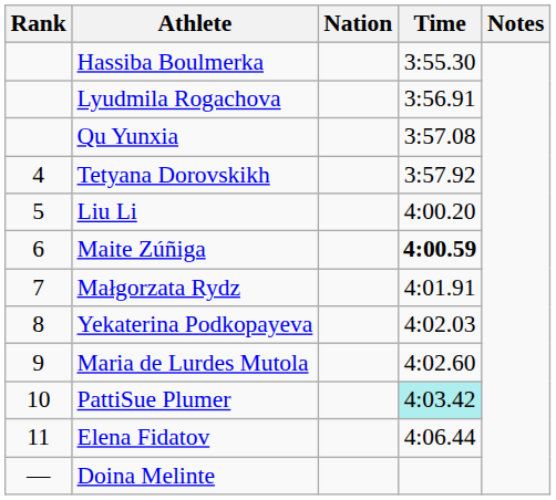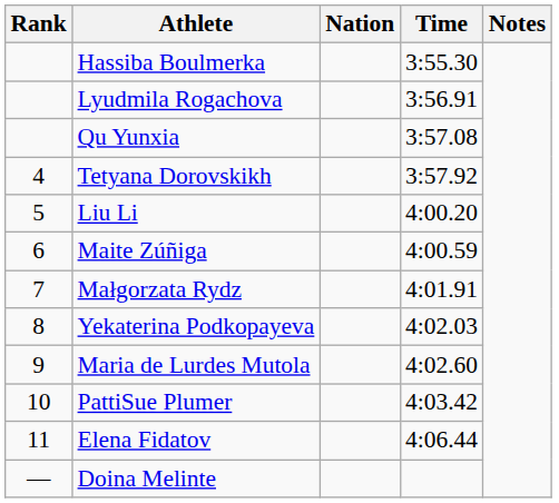 <table class="wikitable sortable" style="text-align:center">
 <tr>
 <th>Rank</th>
 <th>Athlete</th>
 <th>Nation</th>
 <th>Time</th>
 <th>Notes</th>
 </tr>
 <tr>
 <td></td>
 <td align=left><a href='#'>Hassiba Boulmerka</a></td>
 <td align=left></td>
 <td>3:55.30</td>
 </tr>
 <tr>
 <td></td>
 <td align=left><a href='#'>Lyudmila Rogachova</a></td>
 <td align=left></td>
 <td>3:56.91</td>
 </tr>
 <tr>
 <td></td>
 <td align=left><a href='#'>Qu Yunxia</a></td>
 <td align=left></td>
 <td>3:57.08</td>
 </tr>
 <tr>
 <td>4</td>
 <td align=left><a href='#'>Tetyana Dorovskikh</a></td>
 <td align=left></td>
 <td>3:57.92</td>
 </tr>
 <tr>
 <td>5</td>
 <td align=left><a href='#'>Liu Li</a></td>
 <td align=left></td>
 <td>4:00.20</td>
 </tr>
 <tr>
 <td>6</td>
 <td align=left><a href='#'>Maite Zúñiga</a></td>
 <td align=left></td>
-<td><strong>4:00.59</strong></td>
+<td>4:00.59</td>
 </tr>
 <tr>
 <td>7</td>
 <td align=left><a href='#'>Małgorzata Rydz</a></td>
 <td align=left></td>
 <td>4:01.91</td>
 </tr>
 <tr>
 <td>8</td>
 <td align=left><a href='#'>Yekaterina Podkopayeva</a></td>
 <td align=left></td>
 <td>4:02.03</td>
 </tr>
 <tr>
 <td>9</td>
 <td align=left><a href='#'>Maria de Lurdes Mutola</a></td>
 <td align=left></td>
 <td>4:02.60</td>
 </tr>
 <tr>
 <td>10</td>
 <td align=left><a href='#'>PattiSue Plumer</a></td>
 <td align=left></td>
-<td style="background: paleturquoise;">4:03.42</td>
+<td>4:03.42</td>
 </tr>
 <tr>
 <td>11</td>
 <td align=left><a href='#'>Elena Fidatov</a></td>
 <td align=left></td>
 <td>4:06.44</td>
 </tr>
 <tr>
 <td>—</td>
 <td align=left><a href='#'>Doina Melinte</a></td>
 <td align=left></td>
 <td></td>
 </tr>
 </table>
